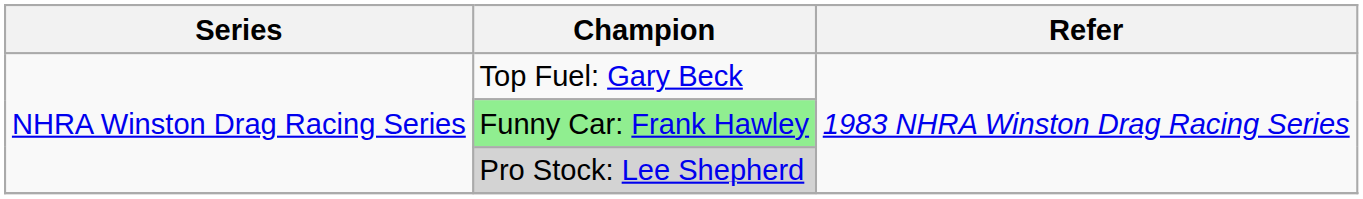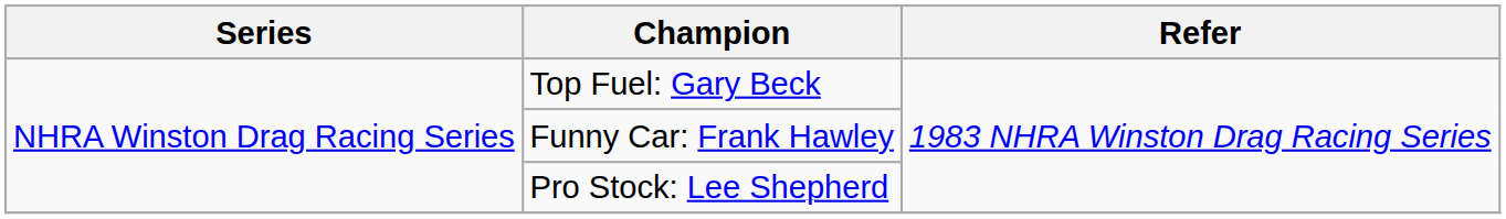 <table class="wikitable" style="font-size:87%;">
 <tr>
 <th>Series</th>
 <th>Champion</th>
 <th>Refer</th>
 </tr>
 <tr>
 <td rowspan=3><a href='#'>NHRA Winston Drag Racing Series</a></td>
 <td>Top Fuel:  <a href='#'>Gary Beck</a></td>
 <td rowspan=3><em><a href='#'>1983 NHRA Winston Drag Racing Series</a></em></td>
 </tr>
 <tr>
-<td style="background: lightgreen;">Funny Car:  <a href='#'>Frank Hawley</a></td>
+<td>Funny Car:  <a href='#'>Frank Hawley</a></td>
 </tr>
 <tr>
-<td style="background: lightgrey;">Pro Stock:  <a href='#'>Lee Shepherd</a></td>
+<td>Pro Stock:  <a href='#'>Lee Shepherd</a></td>
 </tr>
 <tr>
 </tr>
 </table>
